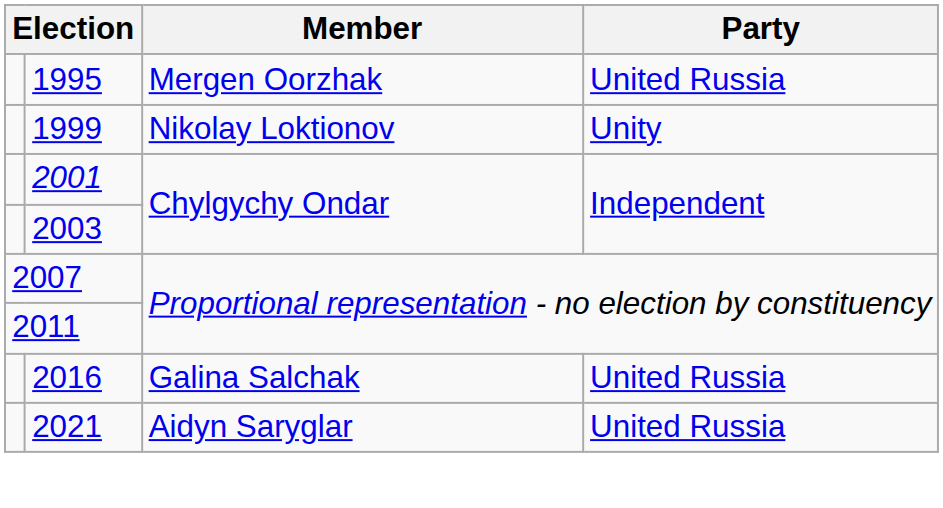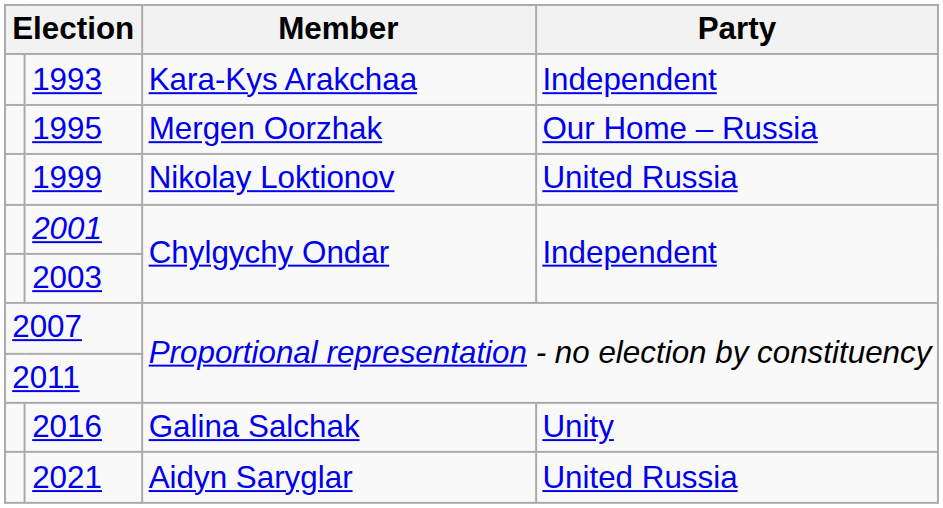 <table class="wikitable">
 <tr>
 <th colspan="2">Election</th>
 <th>Member</th>
 <th>Party</th>
 </tr>
 <tr>
 <td style="background-color:"></td>
+<td><a href='#'>1993</a></td>
+<td><a href='#'>Kara-Kys Arakchaa</a></td>
+<td><a href='#'>Independent</a></td>
+</tr>
+<tr>
+<td style="background-color:"></td>
 <td><a href='#'>1995</a></td>
 <td><a href='#'>Mergen Oorzhak</a></td>
-<td><a href='#'>United Russia</a></td>
+<td><a href='#'>Our Home – Russia</a></td>
 </tr>
 <tr>
 <td style="background-color:"></td>
 <td><a href='#'>1999</a></td>
 <td><a href='#'>Nikolay Loktionov</a></td>
-<td><a href='#'>Unity</a></td>
+<td><a href='#'>United Russia</a></td>
 </tr>
 <tr>
 <td style="background-color:"></td>
 <td><em><a href='#'>2001</a></em></td>
 <td rowspan=2><a href='#'>Chylgychy Ondar</a></td>
 <td rowspan=2><a href='#'>Independent</a></td>
 </tr>
 <tr>
 <td style="background-color:"></td>
 <td><a href='#'>2003</a></td>
 </tr>
 <tr>
 <td colspan=2><a href='#'>2007</a></td>
 <td colspan=2 rowspan=2><em><a href='#'>Proportional representation</a> - no election by constituency</em></td>
 </tr>
 <tr>
 <td colspan=2><a href='#'>2011</a></td>
 </tr>
 <tr>
 <td style="background-color: "></td>
 <td><a href='#'>2016</a></td>
 <td><a href='#'>Galina Salchak</a></td>
-<td><a href='#'>United Russia</a></td>
+<td><a href='#'>Unity</a></td>
 </tr>
 <tr>
 <td style="background-color: "></td>
 <td><a href='#'>2021</a></td>
 <td><a href='#'>Aidyn Saryglar</a></td>
 <td><a href='#'>United Russia</a></td>
 </tr>
 </table>
